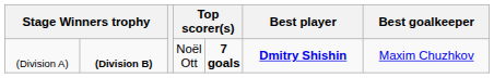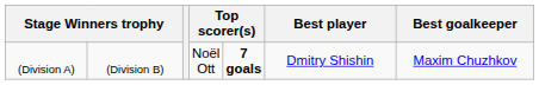 <table class="wikitable" style="text-align: center; font-size: 97%;">
 <tr>
 <th colspan=2 width=220>Stage Winners trophy</th>
 <th rowspan=2></th>
 <th colspan=2 width=200>Top scorer(s)</th>
 <th width=175>Best player</th>
 <th width=175>Best goalkeeper</th>
 </tr>
 <tr align=center style="background:">
 <td style="text-align:center;" width=100><br><small>(Division A)</small></td>
-<td width=120><strong><br><small>(Division B)</small></strong></td>
+<td width=120><br><small>(Division B)</small></td>
 <td> Noël Ott</td>
 <td><strong>7 goals</strong></td>
-<td><strong> <a href='#'>Dmitry Shishin</a></strong></td>
+<td> <a href='#'>Dmitry Shishin</a></td>
 <td> <a href='#'>Maxim Chuzhkov</a></td>
 </tr>
 </table>
